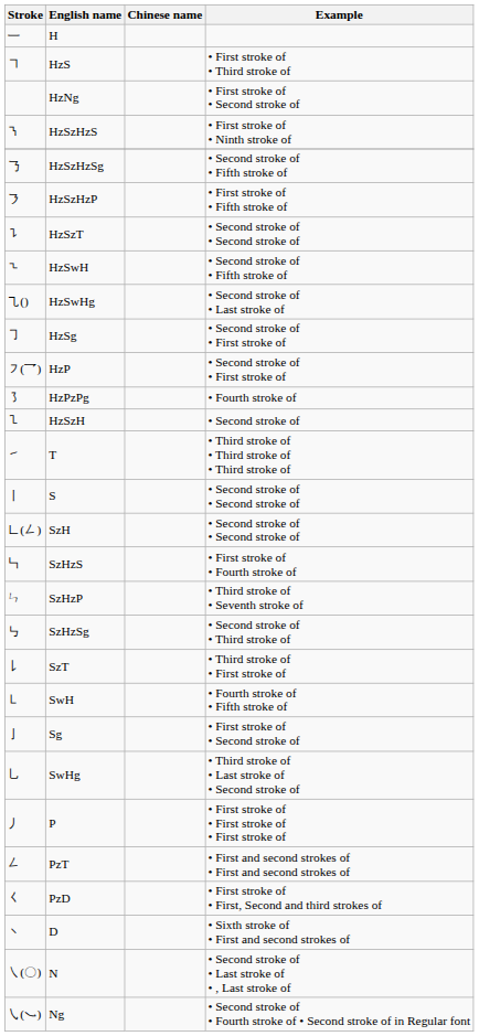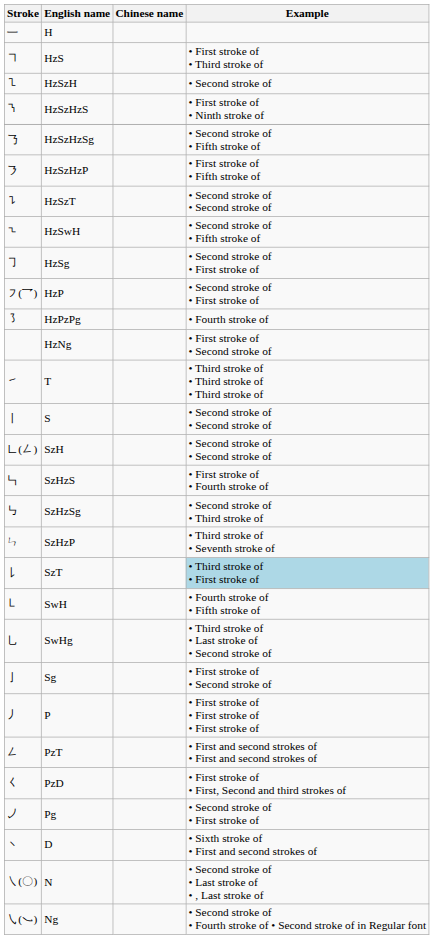 <table class="wikitable">
 <tr>
 <th>Stroke</th>
 <th>English name</th>
 <th>Chinese name</th>
 <th>Example</th>
 </tr>
 <tr>
 <td>㇐</td>
 <td>H</td>
 <td></td>
 <td></td>
 </tr>
 <tr>
 <td>㇕</td>
 <td>HzS</td>
 <td></td>
 <td>• First stroke of <br>• Third stroke of </td>
 </tr>
 <tr>
+<td>㇅</td>
+<td>HzSzH</td>
 <td></td>
-<td>HzNg</td>
-<td></td>
-<td>• First stroke of <br>• Second stroke of </td>
+<td>• Second stroke of </td>
 </tr>
 <tr>
 <td>㇎</td>
 <td>HzSzHzS</td>
 <td></td>
 <td>• First stroke of <br>• Ninth stroke of </td>
 </tr>
 <tr>
 </tr>
 <tr>
 <td>㇡</td>
 <td>HzSzHzSg</td>
 <td></td>
 <td>• Second stroke of <br>• Fifth stroke of </td>
 </tr>
 <tr>
 <td>㇋</td>
 <td>HzSzHzP</td>
 <td></td>
 <td>• First stroke of <br>• Fifth stroke of </td>
 </tr>
 <tr>
 <td>㇊</td>
 <td>HzSzT</td>
 <td></td>
 <td>• Second stroke of <br>• Second stroke of </td>
 </tr>
 <tr>
 <td>㇍</td>
 <td>HzSwH</td>
 <td></td>
 <td>• Second stroke of <br>• Fifth stroke of </td>
 </tr>
 <tr>
-<td>㇈()</td>
-<td>HzSwHg</td>
-<td></td>
-<td>• Second stroke of <br>• Last stroke of </td>
-</tr>
-<tr>
 <td>㇆</td>
 <td>HzSg</td>
 <td></td>
 <td>• Second stroke of <br>• First stroke of </td>
 </tr>
 <tr>
 <td>㇇(乛)</td>
 <td>HzP</td>
 <td></td>
 <td>• Second stroke of <br>• First stroke of </td>
 </tr>
 <tr>
 <td>㇌</td>
 <td>HzPzPg</td>
 <td></td>
 <td>• Fourth stroke of </td>
 </tr>
 <tr>
-<td>㇅</td>
-<td>HzSzH</td>
 <td></td>
-<td>• Second stroke of </td>
+<td>HzNg</td>
+<td></td>
+<td>• First stroke of <br>• Second stroke of </td>
 </tr>
 <tr>
 <td>㇀</td>
 <td>T</td>
 <td></td>
 <td>• Third stroke of <br>• Third stroke of <br>• Third stroke of </td>
 </tr>
 <tr>
 <td>㇑</td>
 <td>S</td>
 <td></td>
 <td>• Second stroke of <br>• Second stroke of </td>
 </tr>
 <tr>
 <td>㇗(㇜)</td>
 <td>SzH</td>
 <td></td>
 <td>• Second stroke of <br>• Second stroke of </td>
 </tr>
 <tr>
 <td>㇞</td>
 <td>SzHzS</td>
 <td></td>
 <td>• First stroke of <br>• Fourth stroke of </td>
 </tr>
 <tr>
+<td>㇉</td>
+<td>SzHzSg</td>
+<td></td>
+<td>• Second stroke of <br>• Third stroke of </td>
+</tr>
+<tr>
 <td>ㄣ</td>
 <td>SzHzP</td>
 <td></td>
 <td>• Third stroke of <br>• Seventh stroke of </td>
 </tr>
 <tr>
-<td>㇉</td>
-<td>SzHzSg</td>
-<td></td>
-<td>• Second stroke of <br>• Third stroke of </td>
-</tr>
-<tr>
 <td>㇙</td>
 <td>SzT</td>
 <td></td>
-<td>• Third stroke of <br>• First stroke of </td>
+<td style="background: lightblue;">• Third stroke of <br>• First stroke of </td>
 </tr>
 <tr>
 <td>㇄</td>
 <td>SwH</td>
 <td></td>
 <td>• Fourth stroke of <br>• Fifth stroke of </td>
 </tr>
 <tr>
+<td>㇟</td>
+<td>SwHg</td>
+<td></td>
+<td>• Third stroke of <br>• Last stroke of <br>• Second stroke of </td>
+</tr>
+<tr>
 <td>㇚</td>
 <td>Sg</td>
 <td></td>
 <td>• First stroke of <br>• Second stroke of </td>
-</tr>
-<tr>
-<td>㇟</td>
-<td>SwHg</td>
-<td></td>
-<td>• Third stroke of <br>• Last stroke of <br>• Second stroke of </td>
 </tr>
 <tr>
 <td>㇓</td>
 <td>P</td>
 <td></td>
 <td>• First stroke of <br>• First stroke of <br>• First stroke of </td>
 </tr>
 <tr>
 <td>㇜</td>
 <td>PzT</td>
 <td></td>
 <td>• First and second strokes of <br>• First and second strokes of </td>
 </tr>
 <tr>
 <td>㇛</td>
 <td>PzD</td>
 <td></td>
 <td>• First stroke of <br>• First, Second and third strokes of </td>
 </tr>
 <tr>
+<td>㇢</td>
+<td>Pg</td>
+<td></td>
+<td>• Second stroke of <br>• First stroke of </td>
+</tr>
+<tr>
 <td>㇔</td>
 <td>D</td>
 <td></td>
 <td>• Sixth stroke of <br>• First and second strokes of </td>
 </tr>
 <tr>
 <td>㇏(〇)</td>
 <td>N</td>
 <td></td>
 <td>• Second stroke of <br>• Last stroke of <br>• , Last stroke of </td>
 </tr>
 <tr>
 <td>㇂(㇃)</td>
 <td>Ng</td>
 <td></td>
 <td>• Second stroke of <br>• Fourth stroke of  • Second stroke of  in Regular font</td>
 </tr>
 </table>
